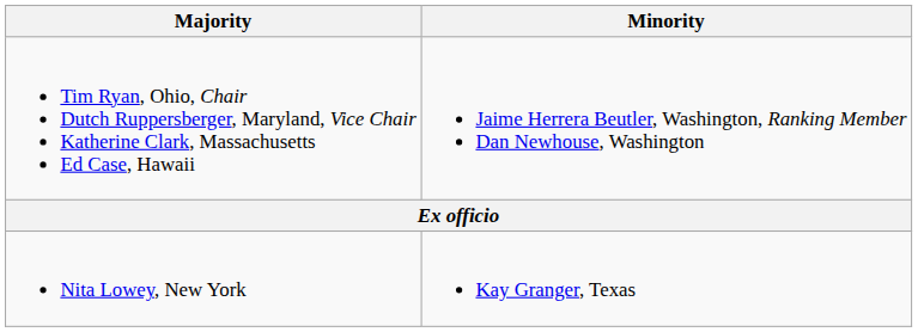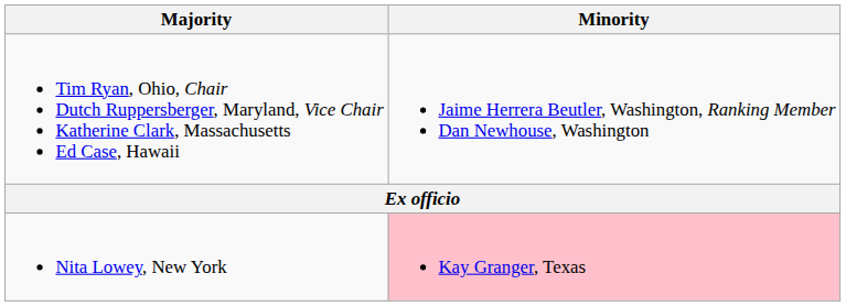 <table class=wikitable>
 <tr>
 <th>Majority</th>
 <th>Minority</th>
 </tr>
 <tr>
 <td><br><ul><li><a href='#'>Tim Ryan</a>, Ohio, <em>Chair</em></li><li><a href='#'>Dutch Ruppersberger</a>, Maryland, <em>Vice Chair</em></li><li><a href='#'>Katherine Clark</a>, Massachusetts</li><li><a href='#'>Ed Case</a>, Hawaii</li></ul></td>
 <td><br><ul><li><a href='#'>Jaime Herrera Beutler</a>, Washington, <em>Ranking Member</em></li><li><a href='#'>Dan Newhouse</a>, Washington</li></ul></td>
 </tr>
 <tr>
 <th colspan=2><em>Ex officio</em></th>
 </tr>
 <tr>
 <td><br><ul><li><a href='#'>Nita Lowey</a>, New York</li></ul></td>
-<td><br><ul><li><a href='#'>Kay Granger</a>, Texas</li></ul></td>
+<td style="background: pink;"><br><ul><li><a href='#'>Kay Granger</a>, Texas</li></ul></td>
 </tr>
 </table>
